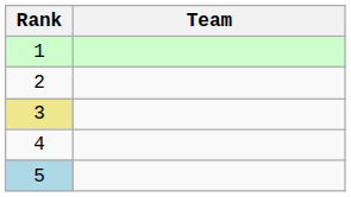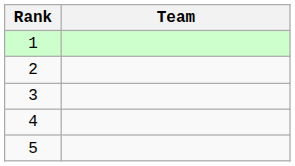 <table class="wikitable" style="text-align:center;">
 <tr>
 <th width=40>Rank</th>
 <th width=180>Team</th>
 </tr>
 <tr bgcolor=#ccffcc>
 <td>1</td>
 <td style="text-align:left;"></td>
 </tr>
 <tr>
 <td>2</td>
 <td style="text-align:left;"></td>
 </tr>
 <tr>
-<td style="background: khaki;">3</td>
+<td>3</td>
 <td style="text-align:left;"></td>
 </tr>
 <tr>
 <td>4</td>
 <td style="text-align:left;"></td>
 </tr>
 <tr>
-<td style="background: lightblue;">5</td>
+<td>5</td>
 <td style="text-align:left;"></td>
 </tr>
 </table>
